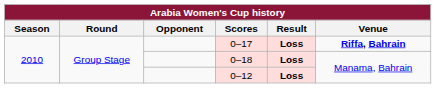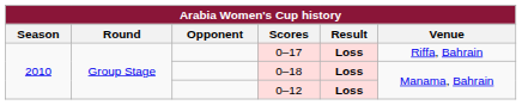 <table class="wikitable collapsible collapsed" style="text-align:center; font-size:90%; width:70%;">
 <tr>
 <th colspan="6" style="background: #8A1538; color: #FFFFFF;">Arabia Women's Cup history</th>
 </tr>
 <tr>
 <th>Season</th>
 <th>Round</th>
 <th>Opponent</th>
 <th>Scores</th>
 <th>Result</th>
 <th>Venue</th>
 </tr>
 <tr>
 <td rowspan=3> <a href='#'>2010</a></td>
 <td rowspan=3><a href='#'>Group Stage</a></td>
 <td style="text-align:left"></td>
 <td style="background:#fdd;">0–17</td>
 <td style="background:#fdd;"><strong>Loss</strong></td>
-<td><strong> <a href='#'>Riffa</a>, <a href='#'>Bahrain</a></strong></td>
+<td> <a href='#'>Riffa</a>, <a href='#'>Bahrain</a></td>
 </tr>
 <tr>
 <td style="text-align:left"></td>
 <td style="background:#fdd;">0–18</td>
 <td style="background:#fdd;"><strong>Loss</strong></td>
 <td rowspan=2> <a href='#'>Manama</a>, <a href='#'>Bahrain</a></td>
 </tr>
 <tr>
 <td style="text-align:left"></td>
 <td style="background:#fdd;">0–12</td>
 <td style="background:#fdd;"><strong>Loss</strong></td>
 </tr>
 </table>
